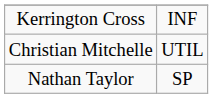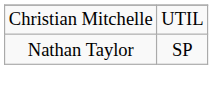 <table class="wikitable" style="display: inline-table;">
 <tr align="center">
-</tr>
-<tr align="center">
-<td>Kerrington Cross</td>
-<td>INF</td>
 </tr>
 <tr align="center">
 <td>Christian Mitchelle</td>
 <td>UTIL</td>
 </tr>
 <tr align="center">
 <td>Nathan Taylor</td>
 <td>SP</td>
 </tr>
 </table>
